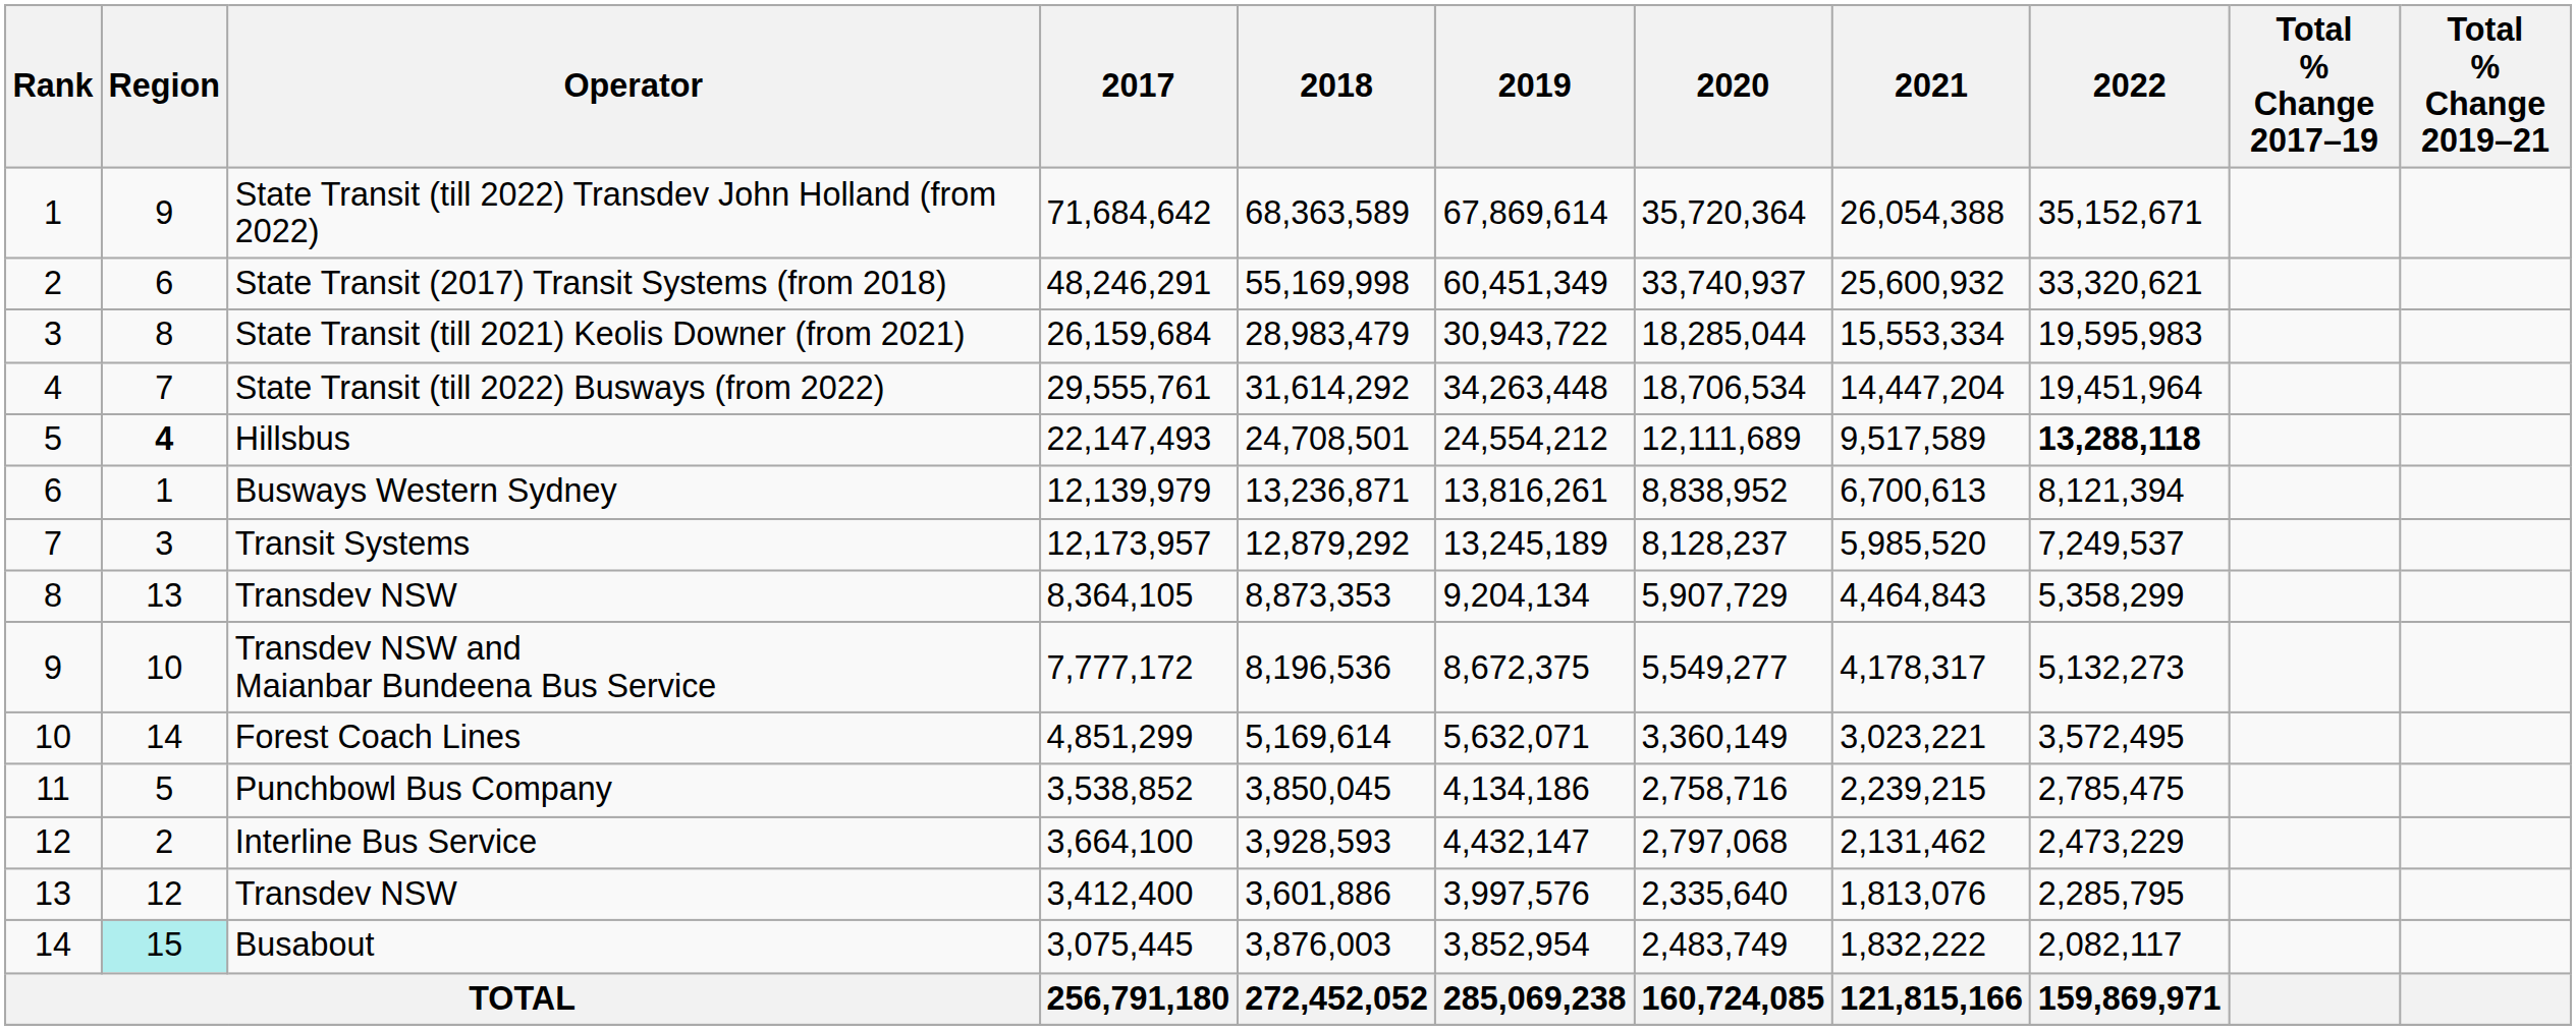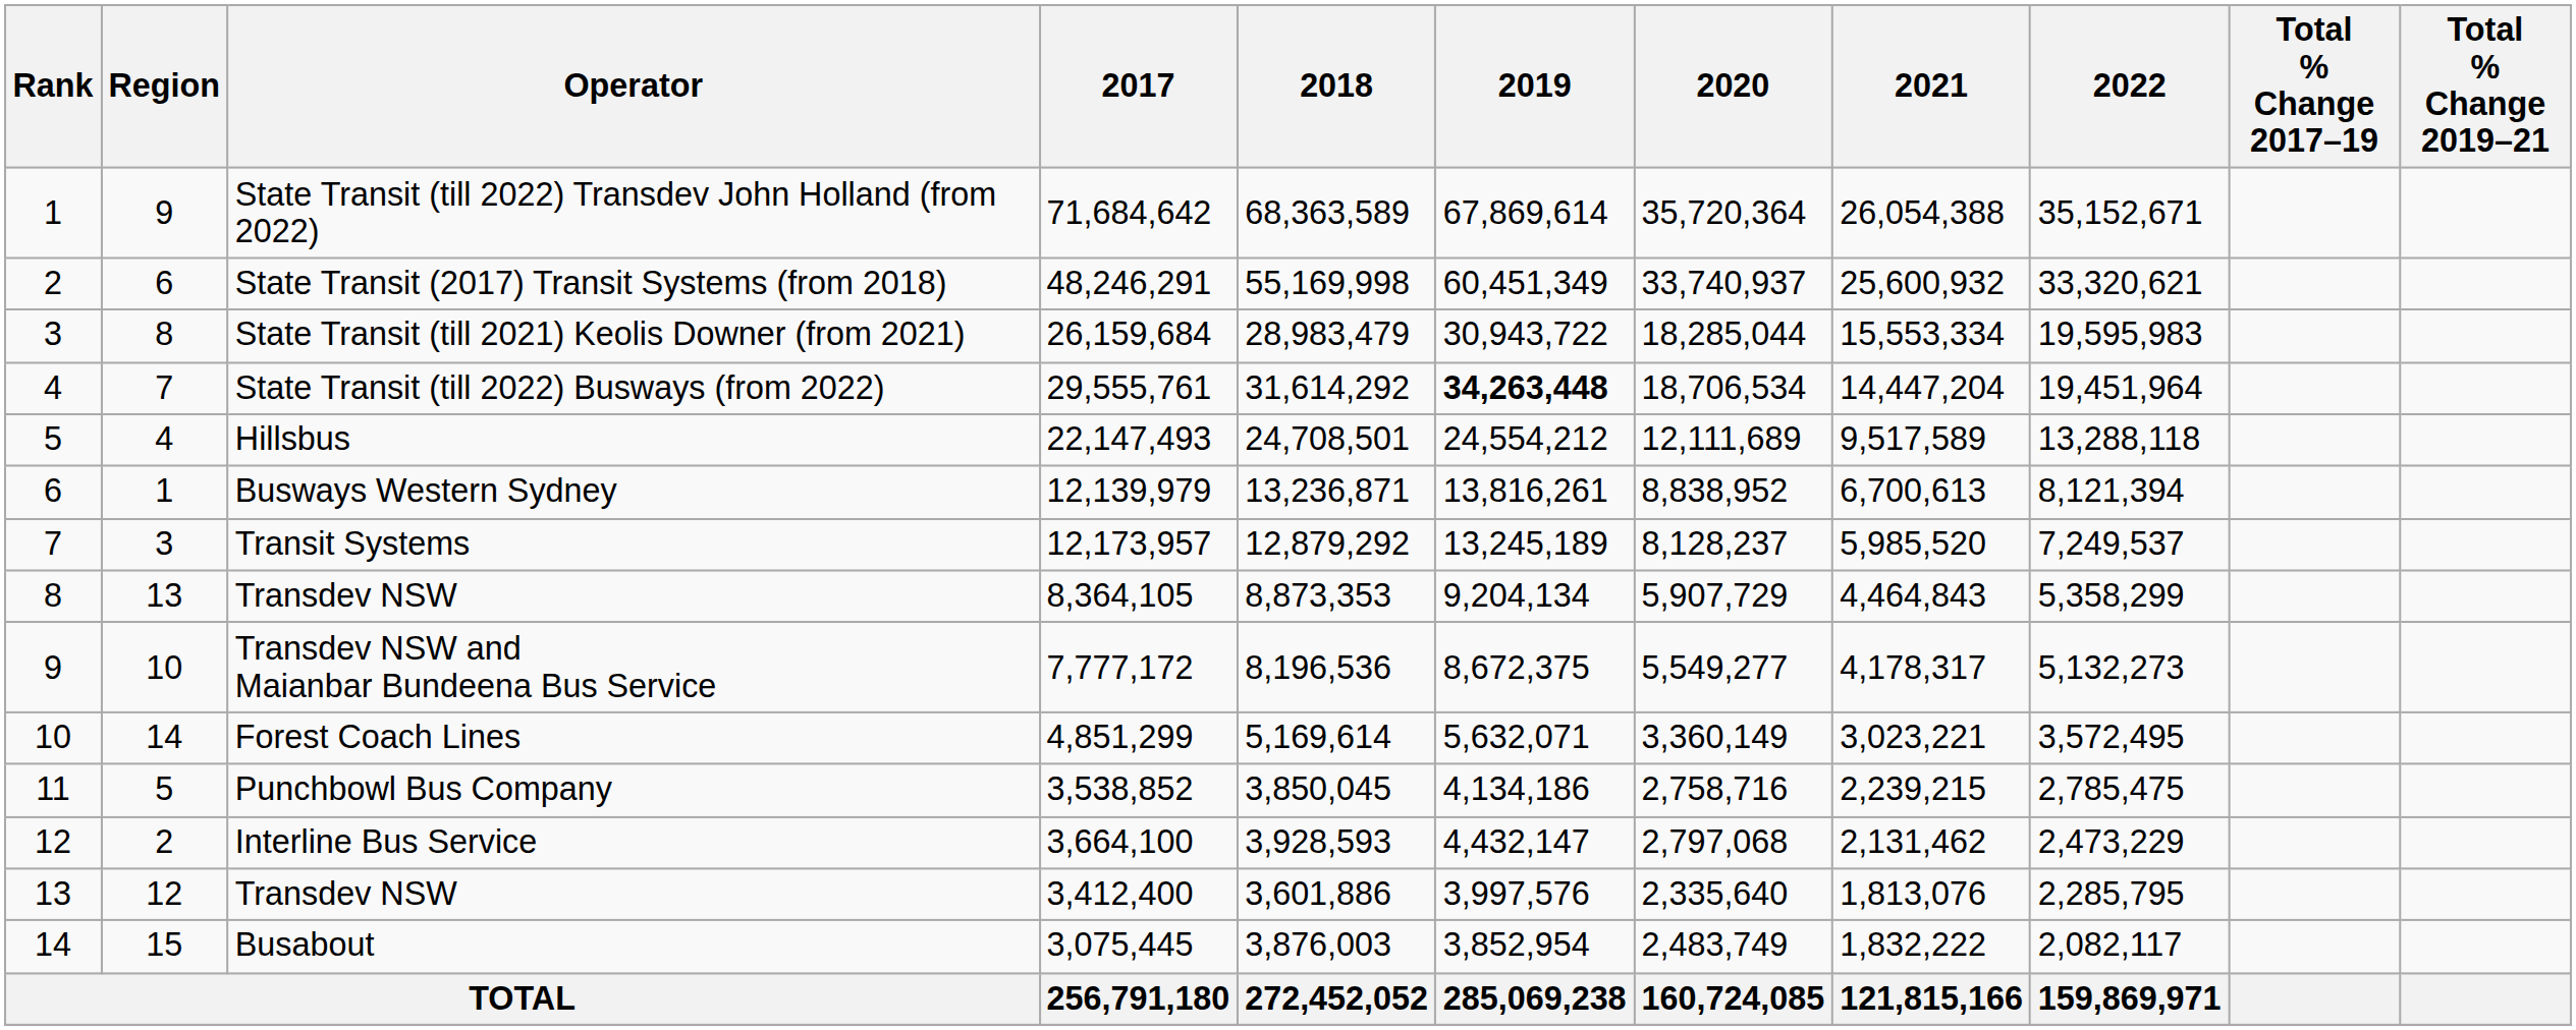 <table class="wikitable sortable plainrowheaders" style="text-align: middle;">
 <tr>
 <th scope="col" data-sort-type="number">Rank</th>
 <th scope="col" data-sort-type="number">Region</th>
 <th scope="col">Operator</th>
 <th scope="col" data-sort-type="number">2017</th>
 <th scope="col" data-sort-type="number">2018</th>
 <th scope="col" data-sort-type="number">2019</th>
 <th scope="col" data-sort-type="number">2020 </th>
 <th scope="col" data-sort-type="number">2021 </th>
 <th scope="col" data-sort-type="number">2022</th>
 <th scope="col" data-sort-type="number">Total <br> % Change <br> 2017–19</th>
 <th scope="col" data-sort-type="number">Total <br> % Change <br> 2019–21</th>
 </tr>
 <tr>
 <td align="center">1</td>
 <td align="center">9</td>
 <td>State Transit (till 2022) Transdev John Holland (from 2022)</td>
 <td>71,684,642</td>
 <td>68,363,589</td>
 <td>67,869,614</td>
 <td>35,720,364</td>
 <td>26,054,388</td>
 <td>35,152,671</td>
 <td align="center"></td>
 <td align="center"></td>
 </tr>
 <tr>
 <td align="center">2</td>
 <td align="center">6</td>
 <td>State Transit (2017) Transit Systems (from 2018)</td>
 <td>48,246,291</td>
 <td>55,169,998</td>
 <td>60,451,349</td>
 <td>33,740,937</td>
 <td>25,600,932</td>
 <td>33,320,621</td>
 <td align="center"></td>
 <td align="center"></td>
 </tr>
 <tr>
 <td align="center">3</td>
 <td align="center">8</td>
 <td>State Transit (till 2021) Keolis Downer (from 2021)</td>
 <td>26,159,684</td>
 <td>28,983,479</td>
 <td>30,943,722</td>
 <td>18,285,044</td>
 <td>15,553,334</td>
 <td>19,595,983</td>
 <td align="center"></td>
 <td align="center"></td>
 </tr>
 <tr>
 <td align="center">4</td>
 <td align="center">7</td>
 <td>State Transit (till 2022) Busways (from 2022)</td>
 <td>29,555,761</td>
 <td>31,614,292</td>
-<td>34,263,448</td>
+<td><strong>34,263,448</strong></td>
 <td>18,706,534</td>
 <td>14,447,204</td>
 <td>19,451,964</td>
 <td align="center"></td>
 <td align="center"></td>
 </tr>
 <tr>
 <td align="center">5</td>
-<td align="center"><strong>4</strong></td>
+<td align="center">4</td>
 <td>Hillsbus</td>
 <td>22,147,493</td>
 <td>24,708,501</td>
 <td>24,554,212</td>
 <td>12,111,689</td>
 <td>9,517,589</td>
-<td><strong>13,288,118</strong></td>
+<td>13,288,118</td>
 <td align="center"></td>
 <td align="center"></td>
 </tr>
 <tr>
 <td align="center">6</td>
 <td align="center">1</td>
 <td>Busways Western Sydney</td>
 <td>12,139,979</td>
 <td>13,236,871</td>
 <td>13,816,261</td>
 <td>8,838,952</td>
 <td>6,700,613</td>
 <td>8,121,394</td>
 <td align="center"></td>
 <td align="center"></td>
 </tr>
 <tr>
 <td align="center">7</td>
 <td align="center">3</td>
 <td>Transit Systems</td>
 <td>12,173,957</td>
 <td>12,879,292</td>
 <td>13,245,189</td>
 <td>8,128,237</td>
 <td>5,985,520</td>
 <td>7,249,537</td>
 <td align="center"></td>
 <td align="center"></td>
 </tr>
 <tr>
 <td align="center">8</td>
 <td align="center">13</td>
 <td>Transdev NSW</td>
 <td>8,364,105</td>
 <td>8,873,353</td>
 <td>9,204,134</td>
 <td>5,907,729</td>
 <td>4,464,843</td>
 <td>5,358,299</td>
 <td align="center"></td>
 <td align="center"></td>
 </tr>
 <tr>
 <td align="center">9</td>
 <td align="center">10</td>
 <td>Transdev NSW and <br> Maianbar Bundeena Bus Service</td>
 <td>7,777,172</td>
 <td>8,196,536</td>
 <td>8,672,375</td>
 <td>5,549,277</td>
 <td>4,178,317</td>
 <td>5,132,273</td>
 <td align="center"></td>
 <td align="center"></td>
 </tr>
 <tr>
 <td align="center">10</td>
 <td align="center">14</td>
 <td>Forest Coach Lines</td>
 <td>4,851,299</td>
 <td>5,169,614</td>
 <td>5,632,071</td>
 <td>3,360,149</td>
 <td>3,023,221</td>
 <td>3,572,495</td>
 <td align="center"></td>
 <td align="center"></td>
 </tr>
 <tr>
 <td align="center">11</td>
 <td align="center">5</td>
 <td>Punchbowl Bus Company</td>
 <td>3,538,852</td>
 <td>3,850,045</td>
 <td>4,134,186</td>
 <td>2,758,716</td>
 <td>2,239,215</td>
 <td>2,785,475</td>
 <td align="center"></td>
 <td align="center"></td>
 </tr>
 <tr>
 <td align="center">12</td>
 <td align="center">2</td>
 <td>Interline Bus Service</td>
 <td>3,664,100</td>
 <td>3,928,593</td>
 <td>4,432,147</td>
 <td>2,797,068</td>
 <td>2,131,462</td>
 <td>2,473,229</td>
 <td align="center"></td>
 <td align="center"></td>
 </tr>
 <tr>
 <td align="center">13</td>
 <td align="center">12</td>
 <td>Transdev NSW</td>
 <td>3,412,400</td>
 <td>3,601,886</td>
 <td>3,997,576</td>
 <td>2,335,640</td>
 <td>1,813,076</td>
 <td>2,285,795</td>
 <td align="center"></td>
 <td align="center"></td>
 </tr>
 <tr>
 <td align="center">14</td>
-<td align="center" style="background: paleturquoise;">15</td>
+<td align="center">15</td>
 <td>Busabout</td>
 <td>3,075,445</td>
 <td>3,876,003</td>
 <td>3,852,954</td>
 <td>2,483,749</td>
 <td>1,832,222</td>
 <td>2,082,117</td>
 <td align="center"></td>
 <td align="center"></td>
 </tr>
 <tr>
 <th colspan="3" align="center" !>TOTAL</th>
 <th>256,791,180</th>
 <th>272,452,052</th>
 <th>285,069,238</th>
 <th>160,724,085</th>
 <th>121,815,166</th>
 <th>159,869,971</th>
 <th align="center"></th>
 <th align="center"></th>
 </tr>
 <tr>
 </tr>
 </table>
